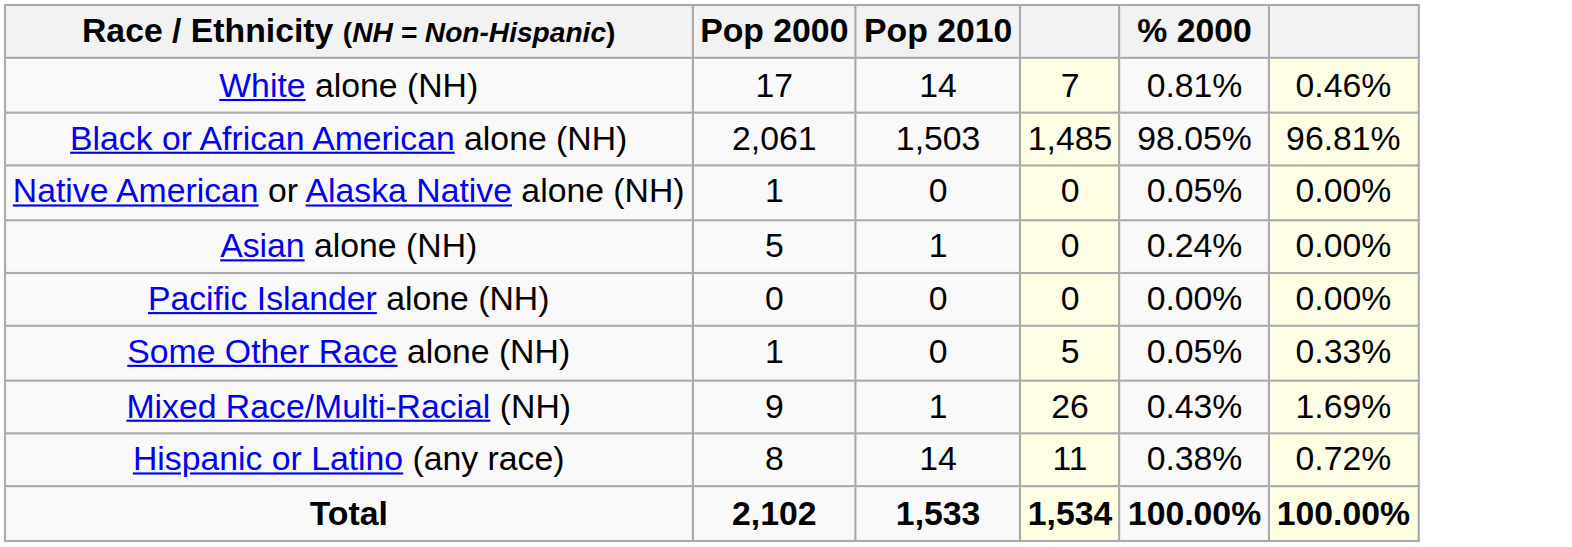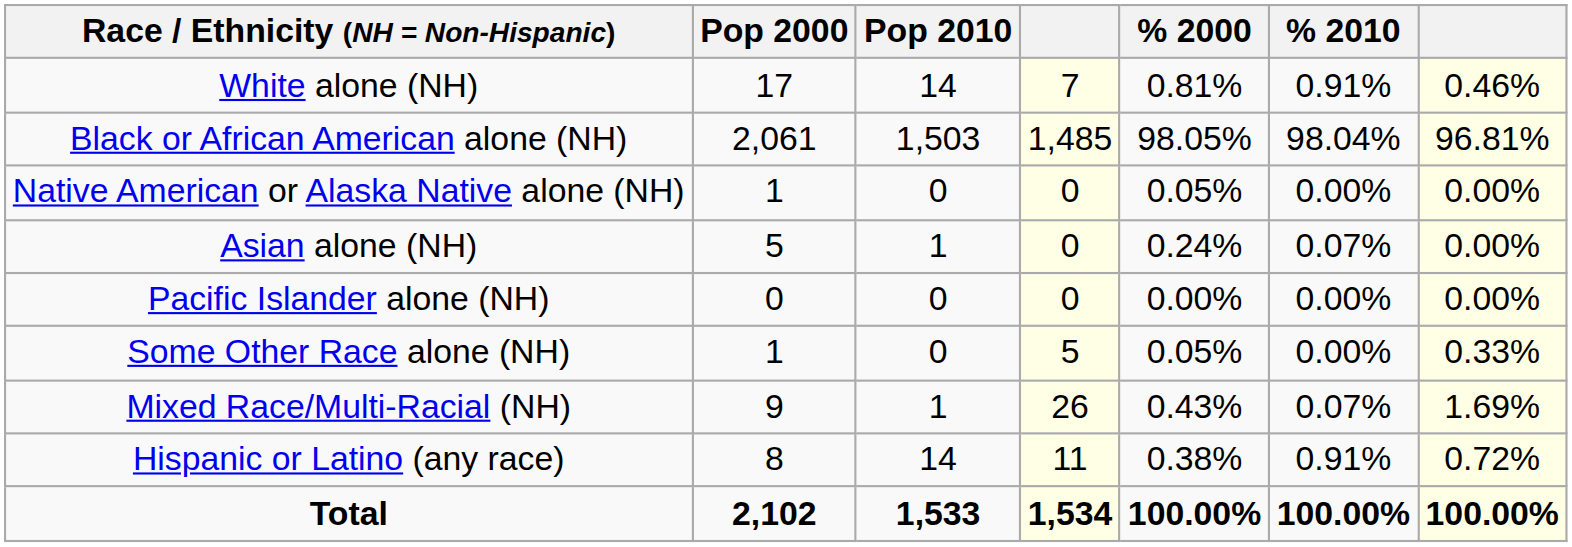 <table class="wikitable" style="text-align:center;">
 <tr>
 <th>Race / Ethnicity <small>(<em>NH = Non-Hispanic</em>)</small></th>
 <th>Pop 2000</th>
 <th>Pop 2010</th>
 <th></th>
 <th>% 2000</th>
+<th>% 2010</th>
 <th></th>
 </tr>
 <tr>
 <td><a href='#'>White</a> alone (NH)</td>
 <td>17</td>
 <td>14</td>
 <td style='background: #ffffe6;'>7</td>
 <td>0.81%</td>
+<td>0.91%</td>
 <td style='background: #ffffe6;'>0.46%</td>
 </tr>
 <tr>
 <td><a href='#'>Black or African American</a> alone (NH)</td>
 <td>2,061</td>
 <td>1,503</td>
 <td style='background: #ffffe6;'>1,485</td>
 <td>98.05%</td>
+<td>98.04%</td>
 <td style='background: #ffffe6;'>96.81%</td>
 </tr>
 <tr>
 <td><a href='#'>Native American</a> or <a href='#'>Alaska Native</a> alone (NH)</td>
 <td>1</td>
 <td>0</td>
 <td style='background: #ffffe6;'>0</td>
 <td>0.05%</td>
+<td>0.00%</td>
 <td style='background: #ffffe6;'>0.00%</td>
 </tr>
 <tr>
 <td><a href='#'>Asian</a> alone (NH)</td>
 <td>5</td>
 <td>1</td>
 <td style='background: #ffffe6;'>0</td>
 <td>0.24%</td>
+<td>0.07%</td>
 <td style='background: #ffffe6;'>0.00%</td>
 </tr>
 <tr>
 <td><a href='#'>Pacific Islander</a> alone (NH)</td>
 <td>0</td>
 <td>0</td>
 <td style='background: #ffffe6;'>0</td>
+<td>0.00%</td>
 <td>0.00%</td>
 <td style='background: #ffffe6;'>0.00%</td>
 </tr>
 <tr>
 <td><a href='#'>Some Other Race</a> alone (NH)</td>
 <td>1</td>
 <td>0</td>
 <td style='background: #ffffe6;'>5</td>
 <td>0.05%</td>
+<td>0.00%</td>
 <td style='background: #ffffe6;'>0.33%</td>
 </tr>
 <tr>
 <td><a href='#'>Mixed Race/Multi-Racial</a> (NH)</td>
 <td>9</td>
 <td>1</td>
 <td style='background: #ffffe6;'>26</td>
 <td>0.43%</td>
+<td>0.07%</td>
 <td style='background: #ffffe6;'>1.69%</td>
 </tr>
 <tr>
 <td><a href='#'>Hispanic or Latino</a> (any race)</td>
 <td>8</td>
 <td>14</td>
 <td style='background: #ffffe6;'>11</td>
 <td>0.38%</td>
+<td>0.91%</td>
 <td style='background: #ffffe6;'>0.72%</td>
 </tr>
 <tr>
 <td><strong>Total</strong></td>
 <td><strong>2,102</strong></td>
 <td><strong>1,533</strong></td>
 <td style='background: #ffffe6;'><strong>1,534</strong></td>
 <td><strong>100.00%</strong></td>
+<td><strong>100.00%</strong></td>
 <td style='background: #ffffe6;'><strong>100.00%</strong></td>
 </tr>
 </table>
